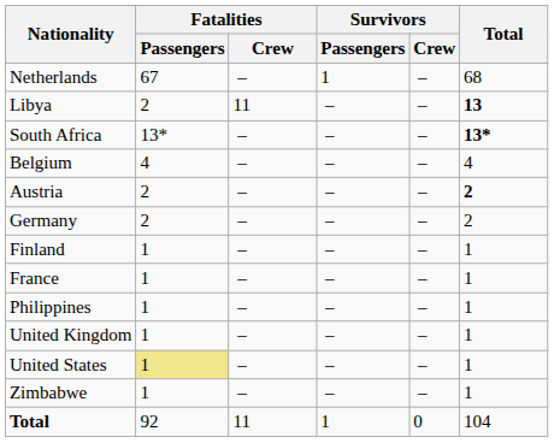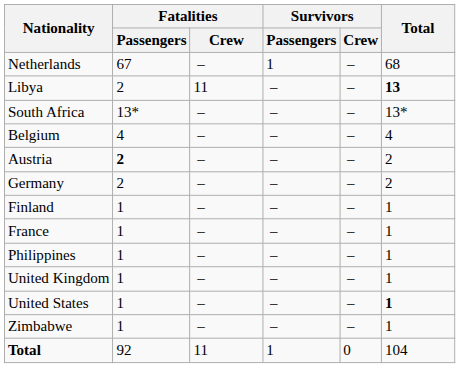 <table class="wikitable">
 <tr>
 <th rowspan=2>Nationality</th>
 <th colspan=2>Fatalities</th>
 <th colspan="2">Survivors</th>
 <th rowspan="2" style="width:70px;">Total</th>
 </tr>
 <tr>
 <th style="width:70px;">Passengers</th>
 <th style="width:70px;">Crew</th>
 <th>Passengers</th>
 <th>Crew</th>
 </tr>
 <tr>
 <td>Netherlands</td>
 <td>67</td>
 <td> –</td>
 <td>1</td>
 <td> –</td>
 <td>68</td>
 </tr>
 <tr>
 <td>Libya</td>
 <td>2</td>
 <td>11</td>
 <td> –</td>
 <td> –</td>
 <td><strong>13</strong></td>
 </tr>
 <tr>
 <td>South Africa</td>
 <td>13*</td>
 <td> –</td>
 <td> –</td>
 <td> –</td>
-<td><strong>13*<br></strong></td>
+<td>13*<br></td>
 </tr>
 <tr>
 <td>Belgium</td>
 <td>4</td>
 <td> –</td>
 <td> –</td>
 <td> –</td>
 <td>4</td>
 </tr>
 <tr>
 <td>Austria</td>
-<td>2</td>
+<td><strong>2</strong></td>
 <td> –</td>
 <td> –</td>
 <td> –</td>
-<td><strong>2</strong></td>
+<td>2</td>
 </tr>
 <tr>
 <td>Germany</td>
 <td>2</td>
 <td> –</td>
 <td> –</td>
 <td> –</td>
 <td>2</td>
 </tr>
 <tr>
 <td>Finland</td>
 <td>1</td>
 <td> –</td>
 <td> –</td>
 <td> –</td>
 <td>1</td>
 </tr>
 <tr>
 <td>France</td>
 <td>1</td>
 <td> –</td>
 <td> –</td>
 <td> –</td>
 <td>1</td>
 </tr>
 <tr>
 <td>Philippines</td>
 <td>1</td>
 <td> –</td>
 <td> –</td>
 <td> –</td>
 <td>1</td>
 </tr>
 <tr>
 <td>United Kingdom</td>
 <td>1</td>
 <td> –</td>
 <td> –</td>
 <td> –</td>
 <td>1</td>
 </tr>
 <tr>
 <td>United States</td>
-<td style="background: khaki;">1</td>
+<td>1</td>
 <td> –</td>
 <td> –</td>
 <td> –</td>
-<td>1</td>
+<td><strong>1</strong></td>
 </tr>
 <tr>
 <td>Zimbabwe</td>
 <td>1</td>
 <td> –</td>
 <td> –</td>
 <td> –</td>
 <td>1</td>
 </tr>
 <tr>
 <td><strong>Total</strong></td>
 <td>92</td>
 <td>11</td>
 <td>1</td>
 <td>0</td>
 <td>104</td>
 </tr>
 </table>
